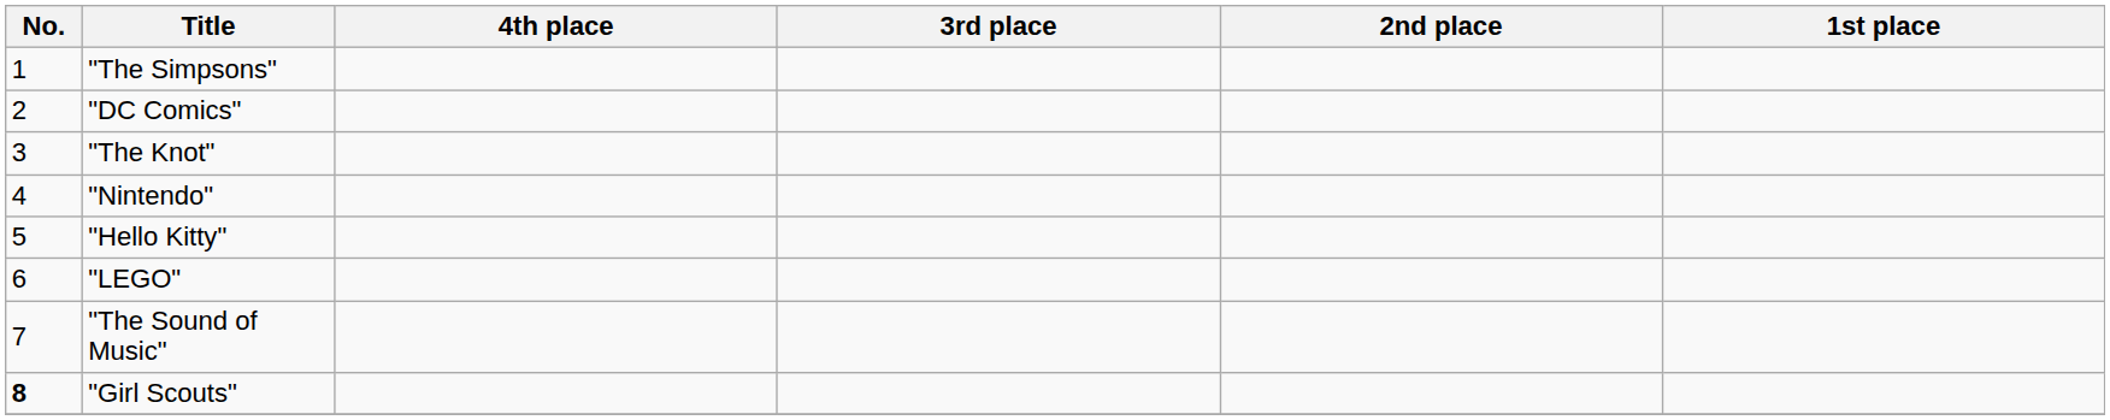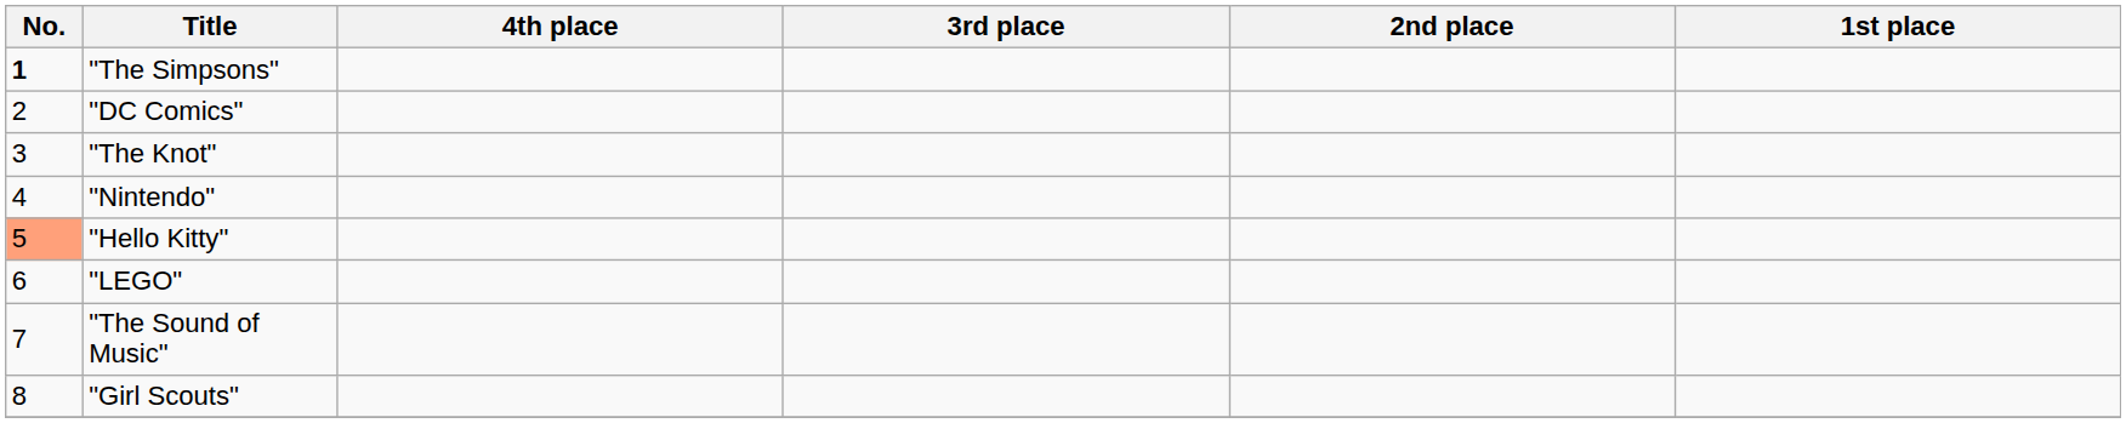 <table class="wikitable plainrowheaders" style="width:100%;">
 <tr>
 <th width=2%>No.</th>
 <th width=8%>Title</th>
 <th width=14%>4th place</th>
 <th width=14%>3rd place</th>
 <th width=14%>2nd place</th>
 <th width=14%>1st place</th>
 </tr>
 <tr>
-<td>1</td>
+<td><strong>1</strong></td>
 <td>"The Simpsons"</td>
 <td></td>
 <td></td>
 <td></td>
 <td></td>
 </tr>
 <tr>
 <td>2</td>
 <td>"DC Comics"</td>
 <td></td>
 <td></td>
 <td></td>
 <td></td>
 </tr>
 <tr>
 <td>3</td>
 <td>"The Knot"</td>
 <td></td>
 <td></td>
 <td></td>
 <td></td>
 </tr>
 <tr>
 <td>4</td>
 <td>"Nintendo"</td>
 <td></td>
 <td></td>
 <td></td>
 <td></td>
 </tr>
 <tr>
-<td>5</td>
+<td style="background: lightsalmon;">5</td>
 <td>"Hello Kitty"</td>
 <td></td>
 <td></td>
 <td></td>
 <td></td>
 </tr>
 <tr>
 <td>6</td>
 <td>"LEGO"</td>
 <td></td>
 <td></td>
 <td></td>
 <td></td>
 </tr>
 <tr>
 <td>7</td>
 <td>"The Sound of Music"</td>
 <td></td>
 <td></td>
 <td></td>
 <td></td>
 </tr>
 <tr>
-<td><strong>8</strong></td>
+<td>8</td>
 <td>"Girl Scouts"</td>
 <td></td>
 <td></td>
 <td></td>
 <td></td>
 </tr>
 <tr>
 </tr>
 </table>
